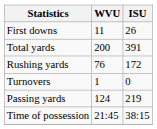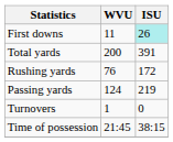 <table class="wikitable" style="float: left;">
 <tr>
 <th>Statistics</th>
 <th>WVU</th>
 <th>ISU</th>
 </tr>
 <tr>
 <td>First downs</td>
 <td>11</td>
-<td>26</td>
+<td style="background: paleturquoise;">26</td>
 </tr>
 <tr>
 <td>Total yards</td>
 <td>200</td>
 <td>391</td>
 </tr>
 <tr>
 <td>Rushing yards</td>
 <td>76</td>
 <td>172</td>
 </tr>
 <tr>
+<td>Passing yards</td>
+<td>124</td>
+<td>219</td>
+</tr>
+<tr>
 <td>Turnovers</td>
 <td>1</td>
 <td>0</td>
-</tr>
-<tr>
-<td>Passing yards</td>
-<td>124</td>
-<td>219</td>
 </tr>
 <tr>
 <td>Time of possession</td>
 <td>21:45</td>
 <td>38:15</td>
 </tr>
 <tr>
 </tr>
 </table>
